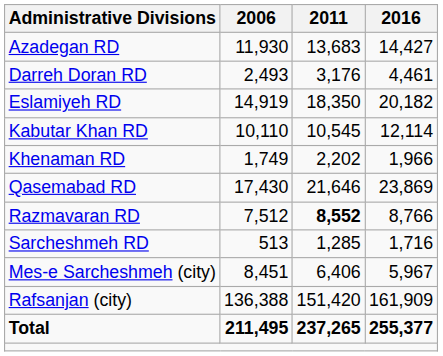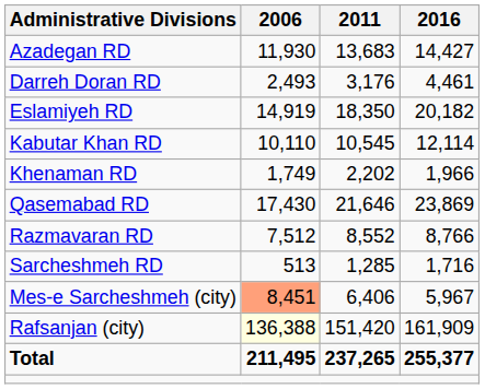 <table class="wikitable">
 <tr>
 <th>Administrative Divisions</th>
 <th>2006</th>
 <th>2011</th>
 <th>2016</th>
 </tr>
 <tr>
 <td><a href='#'>Azadegan RD</a></td>
 <td style="text-align: right;">11,930</td>
 <td style="text-align: right;">13,683</td>
 <td style="text-align: right;">14,427</td>
 </tr>
 <tr>
 <td><a href='#'>Darreh Doran RD</a></td>
 <td style="text-align: right;">2,493</td>
 <td style="text-align: right;">3,176</td>
 <td style="text-align: right;">4,461</td>
 </tr>
 <tr>
 <td><a href='#'>Eslamiyeh RD</a></td>
 <td style="text-align: right;">14,919</td>
 <td style="text-align: right;">18,350</td>
 <td style="text-align: right;">20,182</td>
 </tr>
 <tr>
 <td><a href='#'>Kabutar Khan RD</a></td>
 <td style="text-align: right;">10,110</td>
 <td style="text-align: right;">10,545</td>
 <td style="text-align: right;">12,114</td>
 </tr>
 <tr>
 <td><a href='#'>Khenaman RD</a></td>
 <td style="text-align: right;">1,749</td>
 <td style="text-align: right;">2,202</td>
 <td style="text-align: right;">1,966</td>
 </tr>
 <tr>
 <td><a href='#'>Qasemabad RD</a></td>
 <td style="text-align: right;">17,430</td>
 <td style="text-align: right;">21,646</td>
 <td style="text-align: right;">23,869</td>
 </tr>
 <tr>
 <td><a href='#'>Razmavaran RD</a></td>
 <td style="text-align: right;">7,512</td>
-<td style="text-align: right;"><strong>8,552</strong></td>
+<td style="text-align: right;">8,552</td>
 <td style="text-align: right;">8,766</td>
 </tr>
 <tr>
 <td><a href='#'>Sarcheshmeh RD</a></td>
 <td style="text-align: right;">513</td>
 <td style="text-align: right;">1,285</td>
 <td style="text-align: right;">1,716</td>
 </tr>
 <tr>
 <td><a href='#'>Mes-e Sarcheshmeh</a> (city)</td>
-<td style="text-align: right;">8,451</td>
+<td style="background: lightsalmon; text-align: right;">8,451</td>
 <td style="text-align: right;">6,406</td>
 <td style="text-align: right;">5,967</td>
 </tr>
 <tr>
 <td><a href='#'>Rafsanjan</a> (city)</td>
-<td style="text-align: right;">136,388</td>
+<td style="background: lightyellow; text-align: right;">136,388</td>
 <td style="text-align: right;">151,420</td>
 <td style="text-align: right;">161,909</td>
 </tr>
 <tr>
 <td><strong>Total</strong></td>
 <td style="text-align: right;"><strong>211,495</strong></td>
 <td style="text-align: right;"><strong>237,265</strong></td>
 <td style="text-align: right;"><strong>255,377</strong></td>
 </tr>
 <tr>
 <td colspan=4></td>
 </tr>
 </table>
